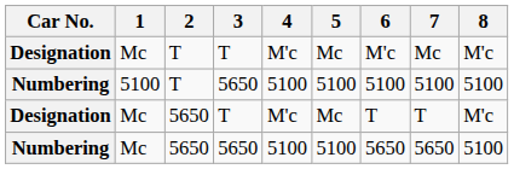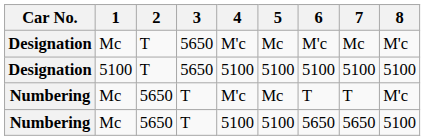 <table class="wikitable">
 <tr>
 <th>Car No.</th>
 <th>1</th>
 <th>2</th>
 <th>3</th>
 <th>4</th>
 <th>5</th>
 <th>6</th>
 <th>7</th>
 <th>8</th>
 </tr>
 <tr>
 <th>Designation</th>
 <td>Mc</td>
 <td>T</td>
-<td>T</td>
+<td>5650</td>
 <td>M'c</td>
 <td>Mc</td>
 <td>M'c</td>
 <td>Mc</td>
 <td>M'c</td>
 </tr>
 <tr>
-<th>Numbering</th>
+<th>Designation</th>
 <td>5100</td>
 <td>T</td>
 <td>5650</td>
 <td>5100</td>
 <td>5100</td>
 <td>5100</td>
 <td>5100</td>
 <td>5100</td>
 </tr>
 <tr>
-<th>Designation</th>
+<th>Numbering</th>
 <td>Mc</td>
 <td>5650</td>
 <td>T</td>
 <td>M'c</td>
 <td>Mc</td>
 <td>T</td>
 <td>T</td>
 <td>M'c</td>
 </tr>
 <tr>
 <th>Numbering</th>
 <td>Mc</td>
 <td>5650</td>
-<td>5650</td>
+<td>T</td>
 <td>5100</td>
 <td>5100</td>
 <td>5650</td>
 <td>5650</td>
 <td>5100</td>
 </tr>
 </table>
